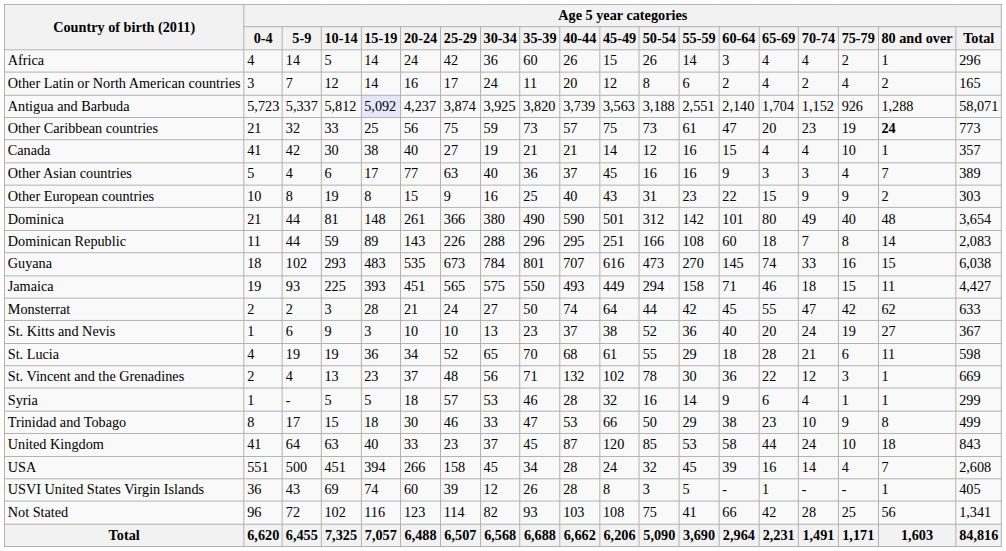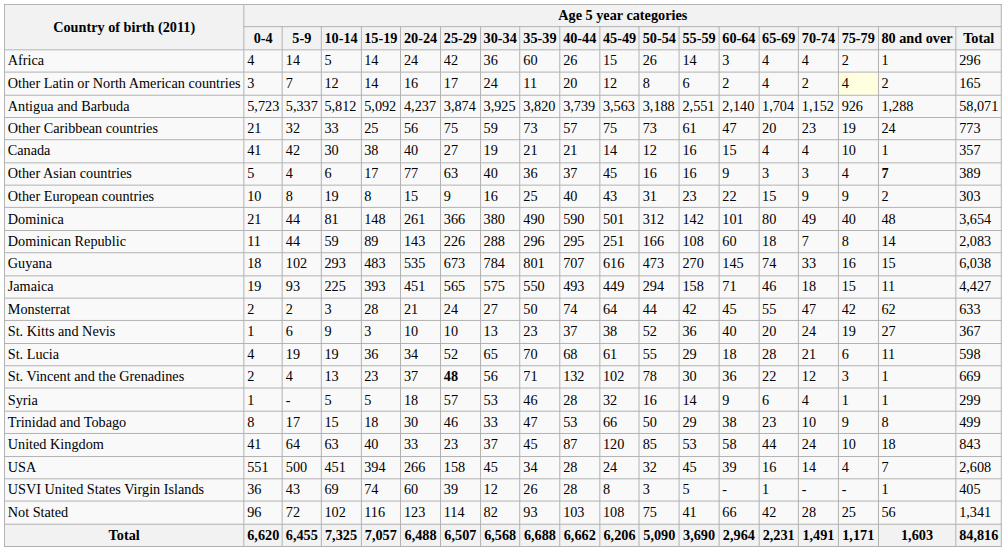 <table class="wikitable">
 <tr>
 <th rowspan="2">Country of birth (2011)</th>
 <th colspan="18">Age 5 year categories</th>
 </tr>
 <tr>
 <th>0-4</th>
 <th>5-9</th>
 <th>10-14</th>
 <th>15-19</th>
 <th>20-24</th>
 <th>25-29</th>
 <th>30-34</th>
 <th>35-39</th>
 <th>40-44</th>
 <th>45-49</th>
 <th>50-54</th>
 <th>55-59</th>
 <th>60-64</th>
 <th>65-69</th>
 <th>70-74</th>
 <th>75-79</th>
 <th>80 and over</th>
 <th>Total</th>
 </tr>
 <tr>
 <td>Africa</td>
 <td>4</td>
 <td>14</td>
 <td>5</td>
 <td>14</td>
 <td>24</td>
 <td>42</td>
 <td>36</td>
 <td>60</td>
 <td>26</td>
 <td>15</td>
 <td>26</td>
 <td>14</td>
 <td>3</td>
 <td>4</td>
 <td>4</td>
 <td>2</td>
 <td>1</td>
 <td>296</td>
 </tr>
 <tr>
 <td>Other Latin or North American countries</td>
 <td>3</td>
 <td>7</td>
 <td>12</td>
 <td>14</td>
 <td>16</td>
 <td>17</td>
 <td>24</td>
 <td>11</td>
 <td>20</td>
 <td>12</td>
 <td>8</td>
 <td>6</td>
 <td>2</td>
 <td>4</td>
 <td>2</td>
-<td>4</td>
+<td style="background: lightyellow;">4</td>
 <td>2</td>
 <td>165</td>
 </tr>
 <tr>
 <td>Antigua and Barbuda</td>
 <td>5,723</td>
 <td>5,337</td>
 <td>5,812</td>
-<td style="background: lavender;">5,092</td>
+<td>5,092</td>
 <td>4,237</td>
 <td>3,874</td>
 <td>3,925</td>
 <td>3,820</td>
 <td>3,739</td>
 <td>3,563</td>
 <td>3,188</td>
 <td>2,551</td>
 <td>2,140</td>
 <td>1,704</td>
 <td>1,152</td>
 <td>926</td>
 <td>1,288</td>
 <td>58,071</td>
 </tr>
 <tr>
 <td>Other Caribbean countries</td>
 <td>21</td>
 <td>32</td>
 <td>33</td>
 <td>25</td>
 <td>56</td>
 <td>75</td>
 <td>59</td>
 <td>73</td>
 <td>57</td>
 <td>75</td>
 <td>73</td>
 <td>61</td>
 <td>47</td>
 <td>20</td>
 <td>23</td>
 <td>19</td>
-<td><strong>24</strong></td>
+<td>24</td>
 <td>773</td>
 </tr>
 <tr>
 <td>Canada</td>
 <td>41</td>
 <td>42</td>
 <td>30</td>
 <td>38</td>
 <td>40</td>
 <td>27</td>
 <td>19</td>
 <td>21</td>
 <td>21</td>
 <td>14</td>
 <td>12</td>
 <td>16</td>
 <td>15</td>
 <td>4</td>
 <td>4</td>
 <td>10</td>
 <td>1</td>
 <td>357</td>
 </tr>
 <tr>
 <td>Other Asian countries</td>
 <td>5</td>
 <td>4</td>
 <td>6</td>
 <td>17</td>
 <td>77</td>
 <td>63</td>
 <td>40</td>
 <td>36</td>
 <td>37</td>
 <td>45</td>
 <td>16</td>
 <td>16</td>
 <td>9</td>
 <td>3</td>
 <td>3</td>
 <td>4</td>
-<td>7</td>
+<td><strong>7</strong></td>
 <td>389</td>
 </tr>
 <tr>
 <td>Other European countries</td>
 <td>10</td>
 <td>8</td>
 <td>19</td>
 <td>8</td>
 <td>15</td>
 <td>9</td>
 <td>16</td>
 <td>25</td>
 <td>40</td>
 <td>43</td>
 <td>31</td>
 <td>23</td>
 <td>22</td>
 <td>15</td>
 <td>9</td>
 <td>9</td>
 <td>2</td>
 <td>303</td>
 </tr>
 <tr>
 <td>Dominica</td>
 <td>21</td>
 <td>44</td>
 <td>81</td>
 <td>148</td>
 <td>261</td>
 <td>366</td>
 <td>380</td>
 <td>490</td>
 <td>590</td>
 <td>501</td>
 <td>312</td>
 <td>142</td>
 <td>101</td>
 <td>80</td>
 <td>49</td>
 <td>40</td>
 <td>48</td>
 <td>3,654</td>
 </tr>
 <tr>
 <td>Dominican Republic</td>
 <td>11</td>
 <td>44</td>
 <td>59</td>
 <td>89</td>
 <td>143</td>
 <td>226</td>
 <td>288</td>
 <td>296</td>
 <td>295</td>
 <td>251</td>
 <td>166</td>
 <td>108</td>
 <td>60</td>
 <td>18</td>
 <td>7</td>
 <td>8</td>
 <td>14</td>
 <td>2,083</td>
 </tr>
 <tr>
 <td>Guyana</td>
 <td>18</td>
 <td>102</td>
 <td>293</td>
 <td>483</td>
 <td>535</td>
 <td>673</td>
 <td>784</td>
 <td>801</td>
 <td>707</td>
 <td>616</td>
 <td>473</td>
 <td>270</td>
 <td>145</td>
 <td>74</td>
 <td>33</td>
 <td>16</td>
 <td>15</td>
 <td>6,038</td>
 </tr>
 <tr>
 <td>Jamaica</td>
 <td>19</td>
 <td>93</td>
 <td>225</td>
 <td>393</td>
 <td>451</td>
 <td>565</td>
 <td>575</td>
 <td>550</td>
 <td>493</td>
 <td>449</td>
 <td>294</td>
 <td>158</td>
 <td>71</td>
 <td>46</td>
 <td>18</td>
 <td>15</td>
 <td>11</td>
 <td>4,427</td>
 </tr>
 <tr>
 <td>Monsterrat</td>
 <td>2</td>
 <td>2</td>
 <td>3</td>
 <td>28</td>
 <td>21</td>
 <td>24</td>
 <td>27</td>
 <td>50</td>
 <td>74</td>
 <td>64</td>
 <td>44</td>
 <td>42</td>
 <td>45</td>
 <td>55</td>
 <td>47</td>
 <td>42</td>
 <td>62</td>
 <td>633</td>
 </tr>
 <tr>
 <td>St. Kitts and Nevis</td>
 <td>1</td>
 <td>6</td>
 <td>9</td>
 <td>3</td>
 <td>10</td>
 <td>10</td>
 <td>13</td>
 <td>23</td>
 <td>37</td>
 <td>38</td>
 <td>52</td>
 <td>36</td>
 <td>40</td>
 <td>20</td>
 <td>24</td>
 <td>19</td>
 <td>27</td>
 <td>367</td>
 </tr>
 <tr>
 <td>St. Lucia</td>
 <td>4</td>
 <td>19</td>
 <td>19</td>
 <td>36</td>
 <td>34</td>
 <td>52</td>
 <td>65</td>
 <td>70</td>
 <td>68</td>
 <td>61</td>
 <td>55</td>
 <td>29</td>
 <td>18</td>
 <td>28</td>
 <td>21</td>
 <td>6</td>
 <td>11</td>
 <td>598</td>
 </tr>
 <tr>
 <td>St. Vincent and the Grenadines</td>
 <td>2</td>
 <td>4</td>
 <td>13</td>
 <td>23</td>
 <td>37</td>
-<td>48</td>
+<td><strong>48</strong></td>
 <td>56</td>
 <td>71</td>
 <td>132</td>
 <td>102</td>
 <td>78</td>
 <td>30</td>
 <td>36</td>
 <td>22</td>
 <td>12</td>
 <td>3</td>
 <td>1</td>
 <td>669</td>
 </tr>
 <tr>
 <td>Syria</td>
 <td>1</td>
 <td>-</td>
 <td>5</td>
 <td>5</td>
 <td>18</td>
 <td>57</td>
 <td>53</td>
 <td>46</td>
 <td>28</td>
 <td>32</td>
 <td>16</td>
 <td>14</td>
 <td>9</td>
 <td>6</td>
 <td>4</td>
 <td>1</td>
 <td>1</td>
 <td>299</td>
 </tr>
 <tr>
 <td>Trinidad and Tobago</td>
 <td>8</td>
 <td>17</td>
 <td>15</td>
 <td>18</td>
 <td>30</td>
 <td>46</td>
 <td>33</td>
 <td>47</td>
 <td>53</td>
 <td>66</td>
 <td>50</td>
 <td>29</td>
 <td>38</td>
 <td>23</td>
 <td>10</td>
 <td>9</td>
 <td>8</td>
 <td>499</td>
 </tr>
 <tr>
 <td>United Kingdom</td>
 <td>41</td>
 <td>64</td>
 <td>63</td>
 <td>40</td>
 <td>33</td>
 <td>23</td>
 <td>37</td>
 <td>45</td>
 <td>87</td>
 <td>120</td>
 <td>85</td>
 <td>53</td>
 <td>58</td>
 <td>44</td>
 <td>24</td>
 <td>10</td>
 <td>18</td>
 <td>843</td>
 </tr>
 <tr>
 <td>USA</td>
 <td>551</td>
 <td>500</td>
 <td>451</td>
 <td>394</td>
 <td>266</td>
 <td>158</td>
 <td>45</td>
 <td>34</td>
 <td>28</td>
 <td>24</td>
 <td>32</td>
 <td>45</td>
 <td>39</td>
 <td>16</td>
 <td>14</td>
 <td>4</td>
 <td>7</td>
 <td>2,608</td>
 </tr>
 <tr>
 <td>USVI United States Virgin Islands</td>
 <td>36</td>
 <td>43</td>
 <td>69</td>
 <td>74</td>
 <td>60</td>
 <td>39</td>
 <td>12</td>
 <td>26</td>
 <td>28</td>
 <td>8</td>
 <td>3</td>
 <td>5</td>
 <td>-</td>
 <td>1</td>
 <td>-</td>
 <td>-</td>
 <td>1</td>
 <td>405</td>
 </tr>
 <tr>
 <td>Not Stated</td>
 <td>96</td>
 <td>72</td>
 <td>102</td>
 <td>116</td>
 <td>123</td>
 <td>114</td>
 <td>82</td>
 <td>93</td>
 <td>103</td>
 <td>108</td>
 <td>75</td>
 <td>41</td>
 <td>66</td>
 <td>42</td>
 <td>28</td>
 <td>25</td>
 <td>56</td>
 <td>1,341</td>
 </tr>
 <tr>
 <th>Total</th>
 <th>6,620</th>
 <th>6,455</th>
 <th>7,325</th>
 <th>7,057</th>
 <th>6,488</th>
 <th>6,507</th>
 <th>6,568</th>
 <th>6,688</th>
 <th>6,662</th>
 <th>6,206</th>
 <th>5,090</th>
 <th>3,690</th>
 <th>2,964</th>
 <th>2,231</th>
 <th>1,491</th>
 <th>1,171</th>
 <th>1,603</th>
 <th>84,816</th>
 </tr>
 </table>
